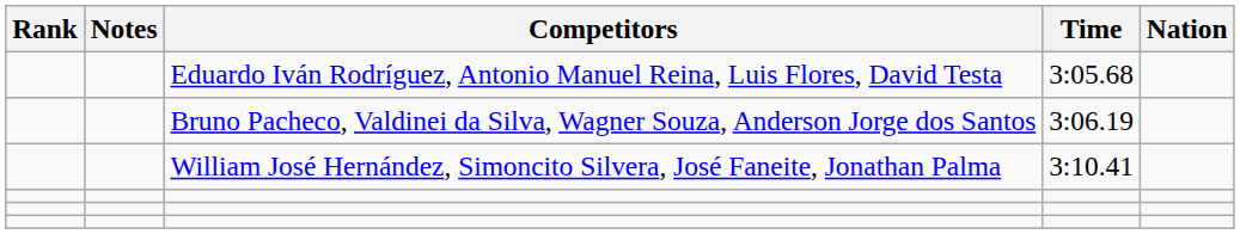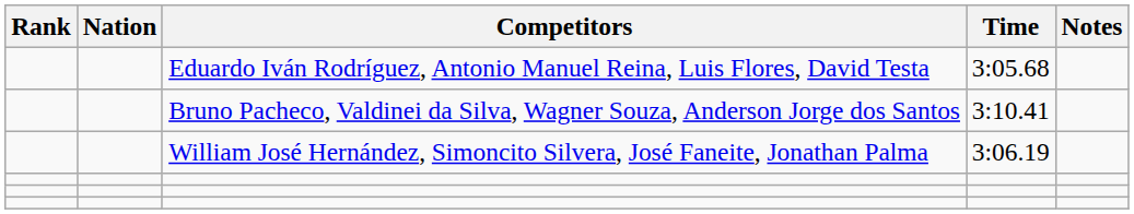 <table class="wikitable sortable" style="text-align:center; font-size:95%">
 <tr>
 <th>Rank</th>
-<th>Notes</th>
+<th>Nation</th>
 <th>Competitors</th>
 <th>Time</th>
-<th>Nation</th>
+<th>Notes</th>
 </tr>
 <tr>
 <td></td>
-<td></td>
+<td align=left></td>
 <td align=left><a href='#'>Eduardo Iván Rodríguez</a>, <a href='#'>Antonio Manuel Reina</a>, <a href='#'>Luis Flores</a>, <a href='#'>David Testa</a></td>
 <td>3:05.68</td>
-<td align=left></td>
+<td></td>
 </tr>
 <tr>
 <td></td>
+<td align=left></td>
+<td align=left><a href='#'>Bruno Pacheco</a>, <a href='#'>Valdinei da Silva</a>, <a href='#'>Wagner Souza</a>, <a href='#'>Anderson Jorge dos Santos</a></td>
+<td>3:10.41</td>
 <td></td>
-<td align=left><a href='#'>Bruno Pacheco</a>, <a href='#'>Valdinei da Silva</a>, <a href='#'>Wagner Souza</a>, <a href='#'>Anderson Jorge dos Santos</a></td>
-<td>3:06.19</td>
-<td align=left></td>
 </tr>
 <tr>
 <td></td>
+<td align=left></td>
+<td align=left><a href='#'>William José Hernández</a>, <a href='#'>Simoncito Silvera</a>, <a href='#'>José Faneite</a>, <a href='#'>Jonathan Palma</a></td>
+<td>3:06.19</td>
 <td></td>
-<td align=left><a href='#'>William José Hernández</a>, <a href='#'>Simoncito Silvera</a>, <a href='#'>José Faneite</a>, <a href='#'>Jonathan Palma</a></td>
-<td>3:10.41</td>
-<td align=left></td>
 </tr>
 <tr>
 <td></td>
-<td></td>
+<td align=left></td>
 <td align=left></td>
 <td></td>
-<td align=left></td>
+<td></td>
 </tr>
 <tr>
 <td></td>
-<td></td>
+<td align=left></td>
 <td align=left></td>
 <td></td>
-<td align=left></td>
+<td></td>
 </tr>
 <tr>
 <td></td>
-<td></td>
+<td align=left></td>
 <td align=left></td>
 <td></td>
-<td align=left></td>
+<td></td>
 </tr>
 </table>
